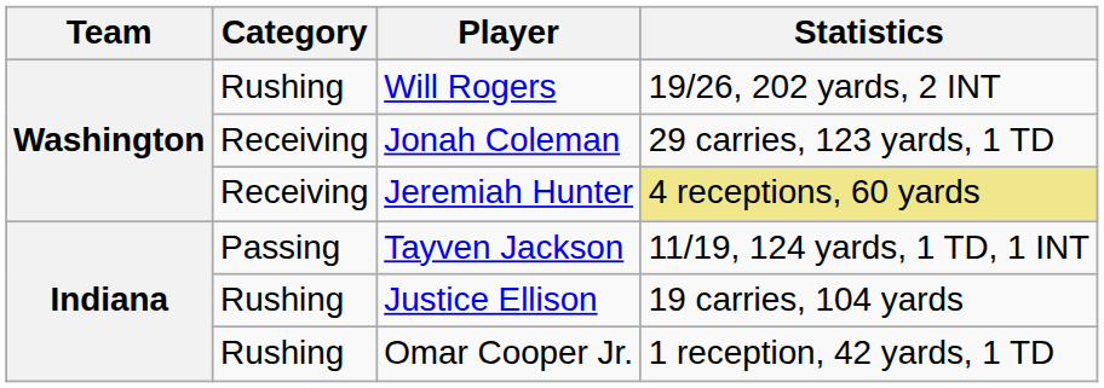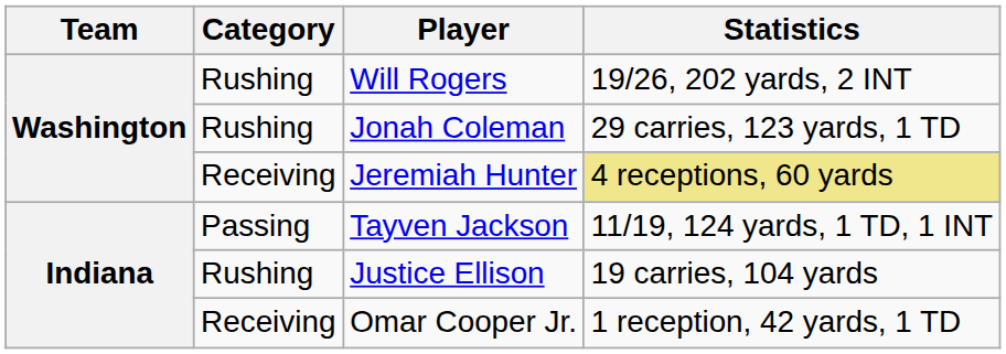 <table class="wikitable" style="float:right">
 <tr>
 <th>Team</th>
 <th>Category</th>
 <th>Player</th>
 <th>Statistics</th>
 </tr>
 <tr>
 <th rowspan=3>Washington</th>
 <td>Rushing</td>
 <td><a href='#'>Will Rogers</a></td>
 <td>19/26, 202 yards, 2 INT</td>
 </tr>
 <tr>
-<td>Receiving</td>
+<td>Rushing</td>
 <td><a href='#'>Jonah Coleman</a></td>
 <td>29 carries, 123 yards, 1 TD</td>
 </tr>
 <tr>
 <td>Receiving</td>
 <td><a href='#'>Jeremiah Hunter</a></td>
 <td style="background: khaki;">4 receptions, 60 yards</td>
 </tr>
 <tr>
 <th rowspan=3>Indiana</th>
 <td>Passing</td>
 <td><a href='#'>Tayven Jackson</a></td>
 <td>11/19, 124 yards, 1 TD, 1 INT</td>
 </tr>
 <tr>
 <td>Rushing</td>
 <td><a href='#'>Justice Ellison</a></td>
 <td>19 carries, 104 yards</td>
 </tr>
 <tr>
-<td>Rushing</td>
+<td>Receiving</td>
 <td>Omar Cooper Jr.</td>
 <td>1 reception, 42 yards, 1 TD</td>
 </tr>
 </table>
